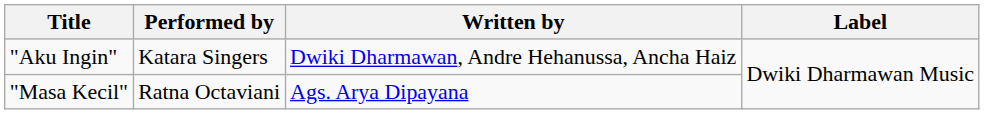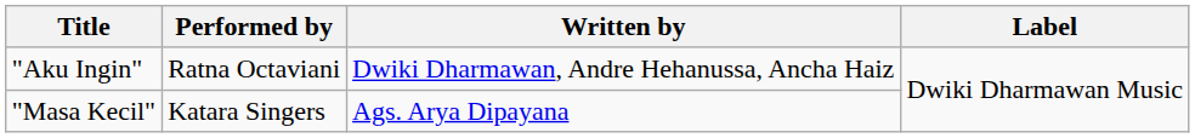 <table class="wikitable unsortable">
 <tr>
 <th>Title</th>
 <th>Performed by</th>
 <th>Written by</th>
 <th>Label</th>
 </tr>
 <tr>
 <td>"Aku Ingin"</td>
-<td>Katara Singers</td>
+<td>Ratna Octaviani</td>
 <td><a href='#'>Dwiki Dharmawan</a>, Andre Hehanussa, Ancha Haiz</td>
 <td rowspan="2">Dwiki Dharmawan Music</td>
 </tr>
 <tr>
 <td>"Masa Kecil"</td>
-<td>Ratna Octaviani</td>
+<td>Katara Singers</td>
 <td><a href='#'>Ags. Arya Dipayana</a></td>
 </tr>
 </table>
